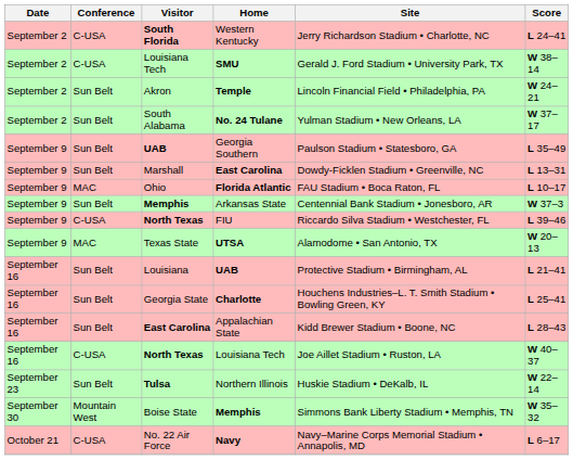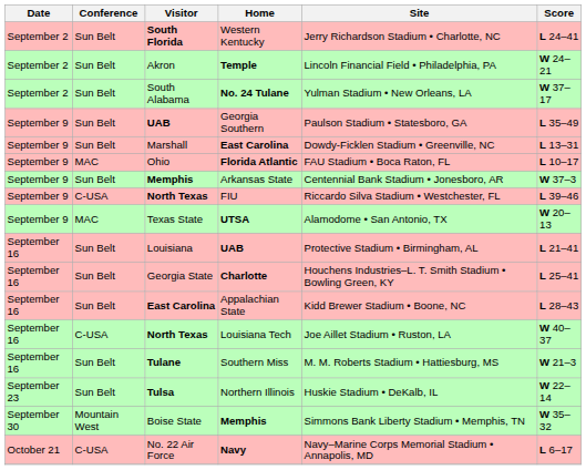 <table class="wikitable">
 <tr>
 <th>Date</th>
 <th>Conference</th>
 <th>Visitor</th>
 <th>Home</th>
 <th>Site</th>
 <th>Score</th>
 </tr>
 <tr style="background:#fbb;">
 <td>September 2</td>
-<td>C-USA</td>
+<td>Sun Belt</td>
 <td><strong>South Florida</strong></td>
 <td>Western Kentucky</td>
 <td>Jerry Richardson Stadium • Charlotte, NC</td>
 <td><strong>L</strong> 24–41</td>
-</tr>
-<tr style="background:#bfb;">
-<td>September 2</td>
-<td>C-USA</td>
-<td>Louisiana Tech</td>
-<td><strong>SMU</strong></td>
-<td>Gerald J. Ford Stadium • University Park, TX</td>
-<td><strong>W</strong> 38–14</td>
 </tr>
 <tr style="background:#bfb;">
 <td>September 2</td>
 <td>Sun Belt</td>
 <td>Akron</td>
 <td><strong>Temple</strong></td>
 <td>Lincoln Financial Field • Philadelphia, PA</td>
 <td><strong>W</strong> 24–21</td>
 </tr>
 <tr style="background:#bfb;">
 <td>September 2</td>
 <td>Sun Belt</td>
 <td>South Alabama</td>
 <td><strong>No. 24 Tulane</strong></td>
 <td>Yulman Stadium • New Orleans, LA</td>
 <td><strong>W</strong> 37–17</td>
 </tr>
 <tr style="background:#fbb;">
 <td>September 9</td>
 <td>Sun Belt</td>
 <td><strong>UAB</strong></td>
 <td>Georgia Southern</td>
 <td>Paulson Stadium • Statesboro, GA</td>
 <td><strong>L</strong> 35–49</td>
 </tr>
 <tr style="background:#fbb;">
 <td>September 9</td>
 <td>Sun Belt</td>
 <td>Marshall</td>
 <td><strong>East Carolina</strong></td>
 <td>Dowdy-Ficklen Stadium • Greenville, NC</td>
 <td><strong>L</strong> 13–31</td>
 </tr>
 <tr style="background:#fbb;">
 <td>September 9</td>
 <td>MAC</td>
 <td>Ohio</td>
 <td><strong>Florida Atlantic</strong></td>
 <td>FAU Stadium • Boca Raton, FL</td>
 <td><strong>L</strong> 10–17</td>
 </tr>
 <tr style="background:#bfb;">
 <td>September 9</td>
 <td>Sun Belt</td>
 <td><strong>Memphis</strong></td>
 <td>Arkansas State</td>
 <td>Centennial Bank Stadium • Jonesboro, AR</td>
 <td><strong>W</strong> 37–3</td>
 </tr>
 <tr style="background:#fbb;">
 <td>September 9</td>
 <td>C-USA</td>
 <td><strong>North Texas</strong></td>
 <td>FIU</td>
 <td>Riccardo Silva Stadium • Westchester, FL</td>
 <td><strong>L</strong> 39–46</td>
 </tr>
 <tr style="background:#bfb;">
 <td>September 9</td>
 <td>MAC</td>
 <td>Texas State</td>
 <td><strong>UTSA</strong></td>
 <td>Alamodome • San Antonio, TX</td>
 <td><strong>W</strong> 20–13</td>
 </tr>
 <tr style="background:#fbb;">
 <td>September 16</td>
 <td>Sun Belt</td>
 <td>Louisiana</td>
 <td><strong>UAB</strong></td>
 <td>Protective Stadium • Birmingham, AL</td>
 <td><strong>L</strong> 21–41</td>
 </tr>
 <tr style="background:#fbb;">
 <td>September 16</td>
 <td>Sun Belt</td>
 <td>Georgia State</td>
 <td><strong>Charlotte</strong></td>
 <td>Houchens Industries–L. T. Smith Stadium • Bowling Green, KY</td>
 <td><strong>L</strong> 25–41</td>
 </tr>
 <tr style="background:#fbb;">
 <td>September 16</td>
 <td>Sun Belt</td>
 <td><strong>East Carolina</strong></td>
 <td>Appalachian State</td>
 <td>Kidd Brewer Stadium • Boone, NC</td>
 <td><strong>L</strong> 28–43</td>
 </tr>
 <tr style="background:#bfb;">
 <td>September 16</td>
 <td>C-USA</td>
 <td><strong>North Texas</strong></td>
 <td>Louisiana Tech</td>
 <td>Joe Aillet Stadium • Ruston, LA</td>
 <td><strong>W</strong> 40–37</td>
 </tr>
 <tr style="background:#bfb;">
+<td>September 16</td>
+<td>Sun Belt</td>
+<td><strong>Tulane</strong></td>
+<td>Southern Miss</td>
+<td>M. M. Roberts Stadium • Hattiesburg, MS</td>
+<td><strong>W</strong> 21–3</td>
+</tr>
+<tr style="background:#bfb;">
 <td>September 23</td>
 <td>Sun Belt</td>
 <td><strong>Tulsa</strong></td>
 <td>Northern Illinois</td>
 <td>Huskie Stadium • DeKalb, IL</td>
 <td><strong>W</strong> 22–14</td>
 </tr>
 <tr style="background:#bfb;">
 <td>September 30</td>
 <td>Mountain West</td>
 <td>Boise State</td>
 <td><strong>Memphis</strong></td>
 <td>Simmons Bank Liberty Stadium • Memphis, TN</td>
 <td><strong>W</strong> 35–32</td>
 </tr>
 <tr style="background:#fbb;">
 <td>October 21</td>
 <td>C-USA</td>
 <td>No. 22 Air Force</td>
 <td><strong>Navy</strong></td>
 <td>Navy–Marine Corps Memorial Stadium • Annapolis, MD</td>
 <td><strong>L</strong> 6–17</td>
 </tr>
 <tr>
 </tr>
 </table>
